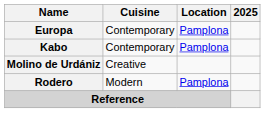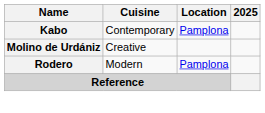 <table class="wikitable sortable plainrowheaders" style="text-align:left;">
 <tr>
 <th scope="col">Name</th>
 <th scope="col">Cuisine</th>
 <th scope="col">Location</th>
 <th scope="col">2025</th>
-</tr>
-<tr>
-<th scope="row">Europa</th>
-<td>Contemporary</td>
-<td><a href='#'>Pamplona</a></td>
-<td></td>
 </tr>
 <tr>
 <th scope="row">Kabo</th>
 <td>Contemporary</td>
 <td><a href='#'>Pamplona</a></td>
 <td></td>
 </tr>
 <tr>
 <th scope="row">Molino de Urdániz</th>
 <td>Creative</td>
 <td></td>
 <td></td>
 </tr>
 <tr>
 <th scope="row">Rodero</th>
 <td>Modern</td>
 <td><a href='#'>Pamplona</a></td>
 <td></td>
 </tr>
 <tr>
 <th colspan="3" style="text-align: center;background: lightgray;">Reference</th>
 <th></th>
 </tr>
 </table>
